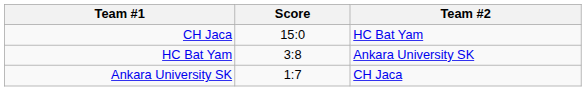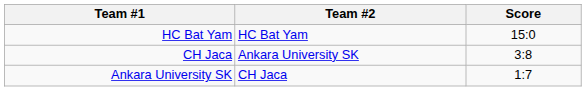 <table class="wikitable" style="text-align: center;">
 <tr>
 <th width=22%>Team #1</th>
+<th width=22%>Team #2</th>
 <th width=11%>Score</th>
-<th width=22%>Team #2</th>
+</tr>
+<tr>
+<td style="text-align: right;"><a href='#'>HC Bat Yam</a> </td>
+<td style="text-align: left;"> <a href='#'>HC Bat Yam</a></td>
+<td>15:0</td>
 </tr>
 <tr>
 <td style="text-align: right;"><a href='#'>CH Jaca</a> </td>
-<td>15:0</td>
-<td style="text-align: left;"> <a href='#'>HC Bat Yam</a></td>
-</tr>
-<tr>
-<td style="text-align: right;"><a href='#'>HC Bat Yam</a> </td>
+<td style="text-align: left;"> <a href='#'>Ankara University SK</a></td>
 <td>3:8</td>
-<td style="text-align: left;"> <a href='#'>Ankara University SK</a></td>
 </tr>
 <tr>
 <td style="text-align: right;"><a href='#'>Ankara University SK</a> </td>
+<td style="text-align: left;"> <a href='#'>CH Jaca</a></td>
 <td>1:7</td>
-<td style="text-align: left;"> <a href='#'>CH Jaca</a></td>
 </tr>
 </table>
